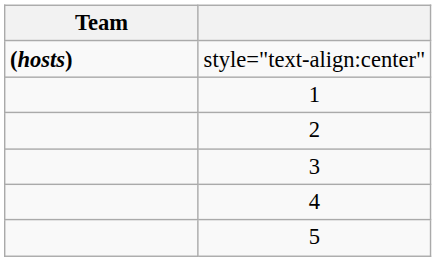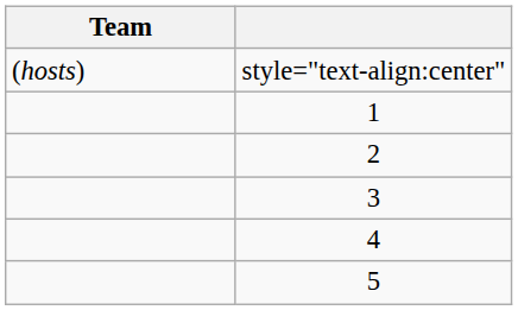 <table class="wikitable" style="white-space:nowrap; display:inline-table; float:left;">
 <tr>
 <th style="width:130px">Team</th>
 <th></th>
 </tr>
 <tr>
-<td><strong> (<em>hosts</em>)</strong></td>
+<td> (<em>hosts</em>)</td>
 <td>style="text-align:center"</td>
 </tr>
 <tr>
 <td></td>
 <td style="text-align:center">1</td>
 </tr>
 <tr>
 <td></td>
 <td style="text-align:center">2</td>
 </tr>
 <tr>
 <td></td>
 <td style="text-align:center">3</td>
 </tr>
 <tr>
 <td></td>
 <td style="text-align:center">4</td>
 </tr>
 <tr>
 <td></td>
 <td style="text-align:center">5</td>
 </tr>
 </table>
